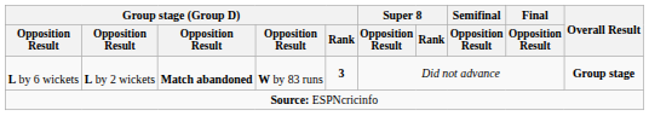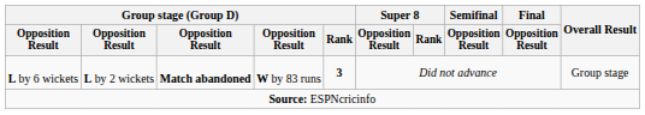 <table class=wikitable style=font-size:90%;text-align:center>
 <tr>
 <th colspan=5>Group stage (Group D)</th>
 <th colspan=2>Super 8</th>
 <th>Semifinal</th>
 <th>Final</th>
 <th rowspan=2>Overall Result</th>
 </tr>
 <tr style=font-size:95%>
 <th>Opposition<br>Result</th>
 <th>Opposition<br>Result</th>
 <th>Opposition<br>Result</th>
 <th>Opposition<br>Result</th>
 <th>Rank</th>
 <th>Opposition<br>Result</th>
 <th>Rank</th>
 <th>Opposition<br>Result</th>
 <th>Opposition<br>Result</th>
 </tr>
 <tr>
 <td><br><strong>L</strong> by 6 wickets</td>
 <td><br><strong>L</strong> by 2 wickets</td>
 <td><br><strong>Match abandoned</strong></td>
 <td><br><strong>W</strong> by 83 runs</td>
 <td><strong>3</strong></td>
 <td colspan=4><em>Did not advance</em></td>
-<td><strong>Group stage</strong></td>
+<td>Group stage</td>
 </tr>
 <tr>
 <td colspan="13"><strong>Source:</strong> ESPNcricinfo</td>
 </tr>
 </table>
